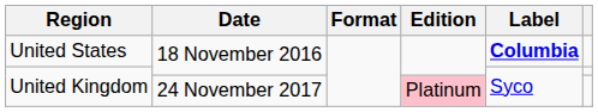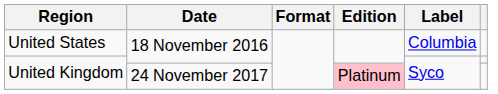 <table class="wikitable">
 <tr>
 <th scope="col">Region</th>
 <th scope="col">Date</th>
 <th scope="col">Format</th>
 <th scope="col">Edition</th>
 <th scope="col">Label</th>
 <th scope="col"></th>
 </tr>
 <tr>
 <td>United States</td>
 <td rowspan="2">18 November 2016</td>
 <td rowspan="3"></td>
 <td rowspan="2"></td>
-<td><strong><a href='#'>Columbia</a></strong></td>
+<td><a href='#'>Columbia</a></td>
 <td></td>
 </tr>
 <tr>
 <td rowspan="2">United Kingdom</td>
 <td rowspan="2"><a href='#'>Syco</a></td>
 <td></td>
 </tr>
 <tr>
 <td>24 November 2017</td>
 <td style="background: pink;">Platinum</td>
 <td></td>
 </tr>
 </table>
